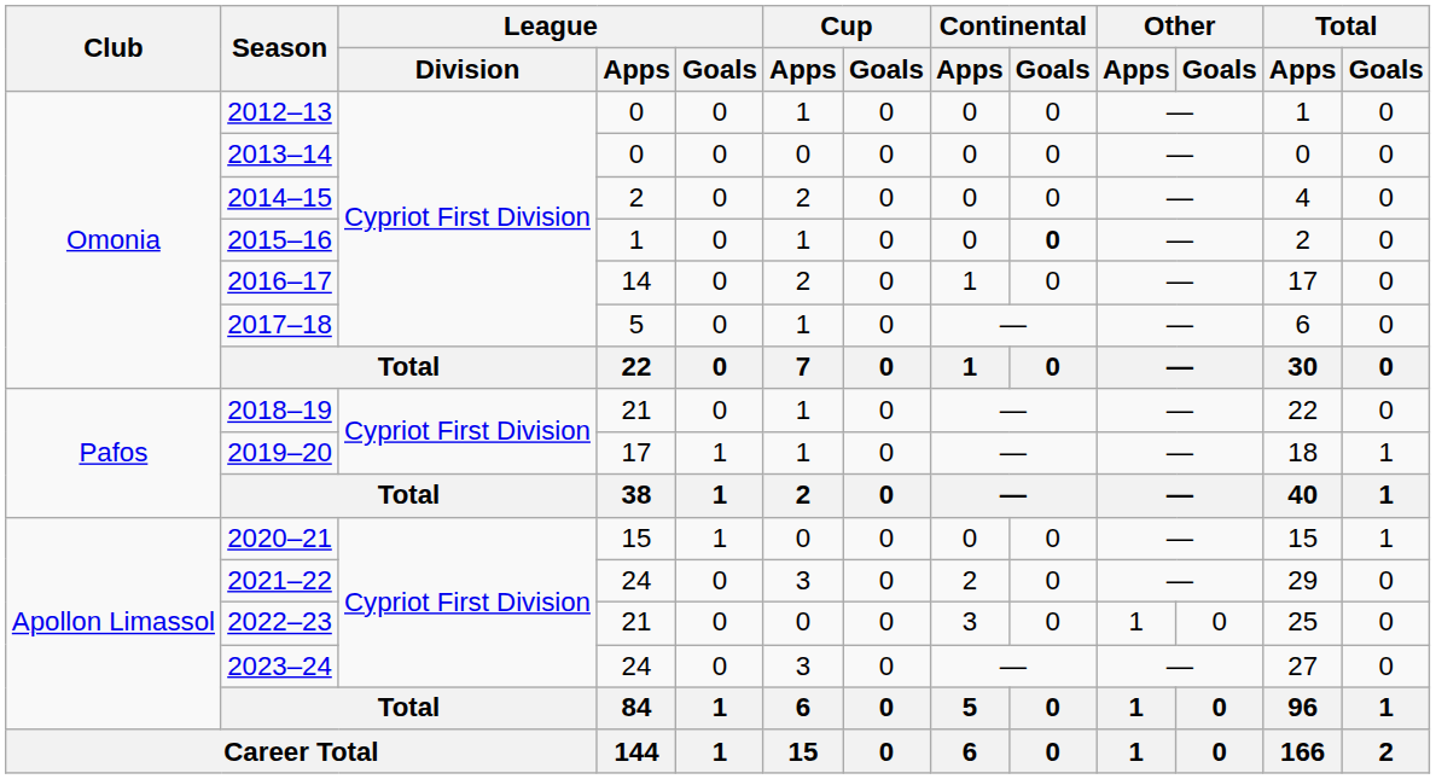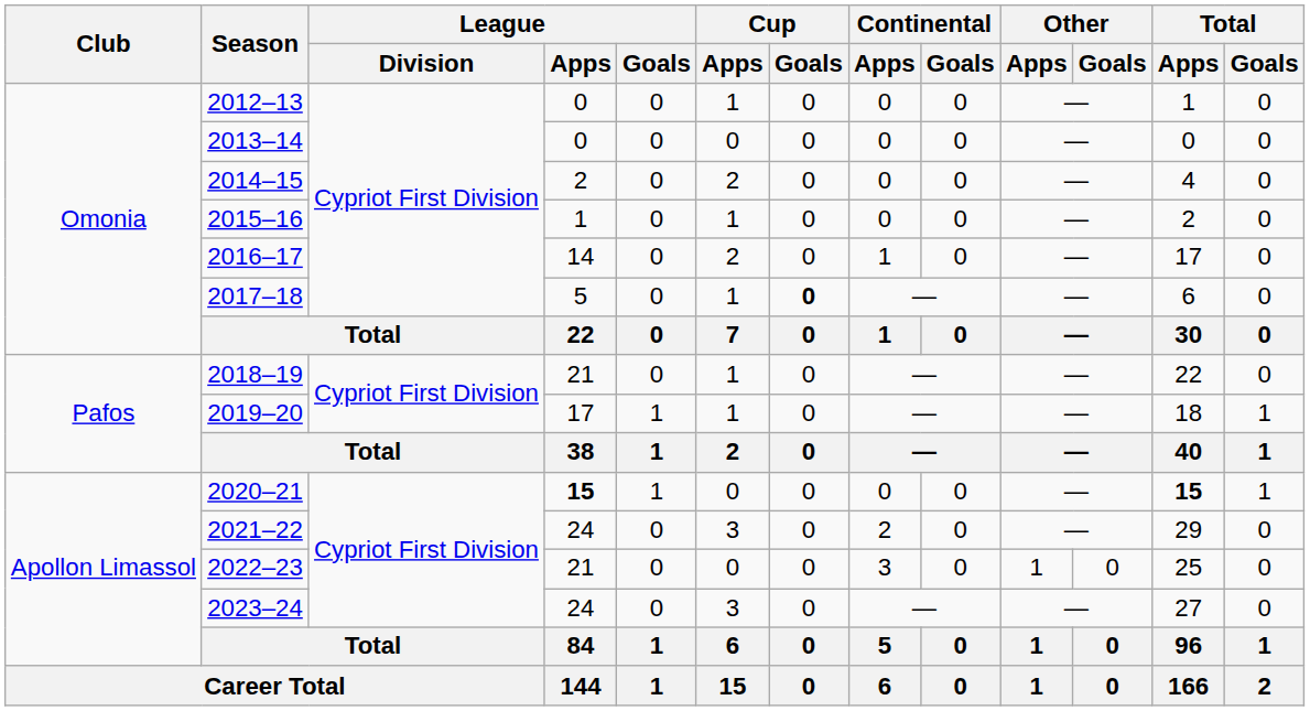 <table class="wikitable" style="text-align:center;">
 <tr>
 <th rowspan="2">Club</th>
 <th rowspan="2">Season</th>
 <th colspan="3">League</th>
 <th colspan="2">Cup</th>
 <th colspan="2">Continental</th>
 <th colspan="2">Other</th>
 <th colspan="2">Total</th>
 </tr>
 <tr>
 <th>Division</th>
 <th>Apps</th>
 <th>Goals</th>
 <th>Apps</th>
 <th>Goals</th>
 <th>Apps</th>
 <th>Goals</th>
 <th>Apps</th>
 <th>Goals</th>
 <th>Apps</th>
 <th>Goals</th>
 </tr>
 <tr>
 <td rowspan=7><a href='#'>Omonia</a></td>
 <td><a href='#'>2012–13</a></td>
 <td rowspan=6><a href='#'>Cypriot First Division</a></td>
 <td>0</td>
 <td>0</td>
 <td>1</td>
 <td>0</td>
 <td>0</td>
 <td>0</td>
 <td colspan=2>—</td>
 <td>1</td>
 <td>0</td>
 </tr>
 <tr>
 <td><a href='#'>2013–14</a></td>
 <td>0</td>
 <td>0</td>
 <td>0</td>
 <td>0</td>
 <td>0</td>
 <td>0</td>
 <td colspan=2>—</td>
 <td>0</td>
 <td>0</td>
 </tr>
 <tr>
 <td><a href='#'>2014–15</a></td>
 <td>2</td>
 <td>0</td>
 <td>2</td>
 <td>0</td>
 <td>0</td>
 <td>0</td>
 <td colspan=2>—</td>
 <td>4</td>
 <td>0</td>
 </tr>
 <tr>
 <td><a href='#'>2015–16</a></td>
 <td>1</td>
 <td>0</td>
 <td>1</td>
 <td>0</td>
 <td>0</td>
-<td><strong>0</strong></td>
+<td>0</td>
 <td colspan=2>—</td>
 <td>2</td>
 <td>0</td>
 </tr>
 <tr>
 <td><a href='#'>2016–17</a></td>
 <td>14</td>
 <td>0</td>
 <td>2</td>
 <td>0</td>
 <td>1</td>
 <td>0</td>
 <td colspan=2>—</td>
 <td>17</td>
 <td>0</td>
 </tr>
 <tr>
 <td><a href='#'>2017–18</a></td>
 <td>5</td>
 <td>0</td>
 <td>1</td>
-<td>0</td>
+<td><strong>0</strong></td>
 <td colspan=2>—</td>
 <td colspan=2>—</td>
 <td>6</td>
 <td>0</td>
 </tr>
 <tr>
 <th colspan="2">Total</th>
 <th>22</th>
 <th>0</th>
 <th>7</th>
 <th>0</th>
 <th>1</th>
 <th>0</th>
 <th colspan=2>—</th>
 <th>30</th>
 <th>0</th>
 </tr>
 <tr>
 <td rowspan=3><a href='#'>Pafos</a></td>
 <td><a href='#'>2018–19</a></td>
 <td rowspan=2><a href='#'>Cypriot First Division</a></td>
 <td>21</td>
 <td>0</td>
 <td>1</td>
 <td>0</td>
 <td colspan=2>—</td>
 <td colspan=2>—</td>
 <td>22</td>
 <td>0</td>
 </tr>
 <tr>
 <td><a href='#'>2019–20</a></td>
 <td>17</td>
 <td>1</td>
 <td>1</td>
 <td>0</td>
 <td colspan=2>—</td>
 <td colspan=2>—</td>
 <td>18</td>
 <td>1</td>
 </tr>
 <tr>
 <th colspan="2">Total</th>
 <th>38</th>
 <th>1</th>
 <th>2</th>
 <th>0</th>
 <th colspan=2>—</th>
 <th colspan=2>—</th>
 <th>40</th>
 <th>1</th>
 </tr>
 <tr>
 <td rowspan="5"><a href='#'>Apollon Limassol</a></td>
 <td><a href='#'>2020–21</a></td>
 <td rowspan="4"><a href='#'>Cypriot First Division</a></td>
-<td>15</td>
+<td><strong>15</strong></td>
 <td>1</td>
 <td>0</td>
 <td>0</td>
 <td>0</td>
 <td>0</td>
 <td colspan="2">—</td>
-<td>15</td>
+<td><strong>15</strong></td>
 <td>1</td>
 </tr>
 <tr>
 <td><a href='#'>2021–22</a></td>
 <td>24</td>
 <td>0</td>
 <td>3</td>
 <td>0</td>
 <td>2</td>
 <td>0</td>
 <td colspan="2">—</td>
 <td>29</td>
 <td>0</td>
 </tr>
 <tr>
 <td><a href='#'>2022–23</a></td>
 <td>21</td>
 <td>0</td>
 <td>0</td>
 <td>0</td>
 <td>3</td>
 <td>0</td>
 <td>1</td>
 <td>0</td>
 <td>25</td>
 <td>0</td>
 </tr>
 <tr>
 <td><a href='#'>2023–24</a></td>
 <td>24</td>
 <td>0</td>
 <td>3</td>
 <td>0</td>
 <td colspan="2">—</td>
 <td colspan="2">—</td>
 <td>27</td>
 <td>0</td>
 </tr>
 <tr>
 <th colspan="2">Total</th>
 <th>84</th>
 <th>1</th>
 <th>6</th>
 <th>0</th>
 <th>5</th>
 <th>0</th>
 <th>1</th>
 <th>0</th>
 <th>96</th>
 <th>1</th>
 </tr>
 <tr>
 <th colspan="3">Career Total</th>
 <th>144</th>
 <th>1</th>
 <th>15</th>
 <th>0</th>
 <th>6</th>
 <th>0</th>
 <th>1</th>
 <th>0</th>
 <th>166</th>
 <th>2</th>
 </tr>
 </table>
